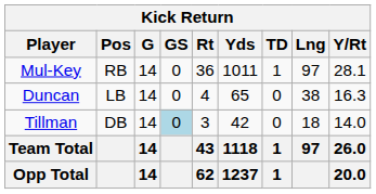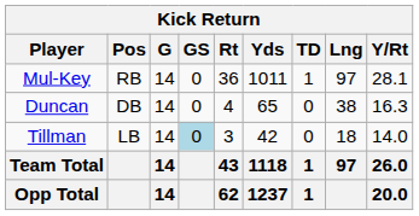 <table class="wikitable" style="text-align:center">
 <tr>
 <th colspan="9">Kick Return</th>
 </tr>
 <tr>
 <th>Player</th>
 <th>Pos</th>
 <th>G</th>
 <th>GS</th>
 <th>Rt</th>
 <th>Yds</th>
 <th>TD</th>
 <th>Lng</th>
 <th>Y/Rt</th>
 </tr>
 <tr>
 <td><a href='#'>Mul-Key</a></td>
 <td>RB</td>
 <td>14</td>
 <td>0</td>
 <td>36</td>
 <td>1011</td>
 <td>1</td>
 <td>97</td>
 <td>28.1</td>
 </tr>
 <tr>
 <td><a href='#'>Duncan</a></td>
-<td>LB</td>
+<td>DB</td>
 <td>14</td>
 <td>0</td>
 <td>4</td>
 <td>65</td>
 <td>0</td>
 <td>38</td>
 <td>16.3</td>
 </tr>
 <tr>
 <td><a href='#'>Tillman</a></td>
-<td>DB</td>
+<td>LB</td>
 <td>14</td>
 <td style="background: lightblue;">0</td>
 <td>3</td>
 <td>42</td>
 <td>0</td>
 <td>18</td>
 <td>14.0</td>
 </tr>
 <tr>
 <th>Team Total</th>
 <th></th>
 <th>14</th>
 <th></th>
 <th>43</th>
 <th>1118</th>
 <th>1</th>
 <th>97</th>
 <th>26.0</th>
 </tr>
 <tr>
 <th>Opp Total</th>
 <th></th>
 <th>14</th>
 <th></th>
 <th>62</th>
 <th>1237</th>
 <th>1</th>
 <th></th>
 <th>20.0</th>
 </tr>
 </table>
